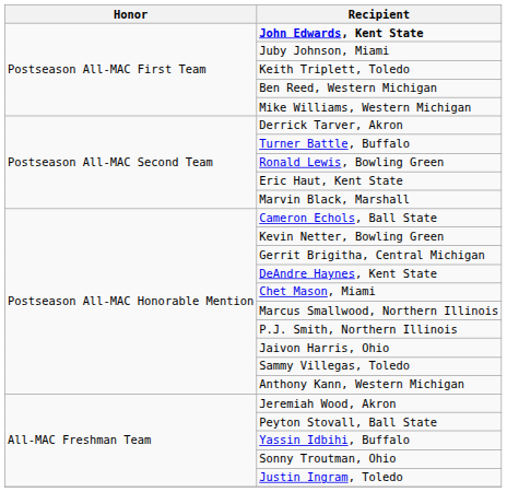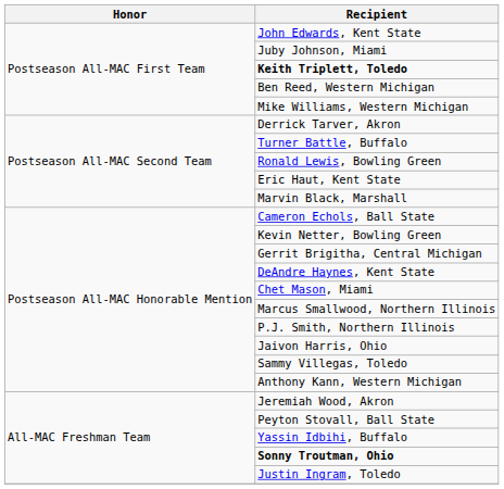 <table class="wikitable" border="1">
 <tr>
 <th>Honor</th>
 <th>Recipient</th>
 </tr>
 <tr>
 <td rowspan=5 valign=middle>Postseason All-MAC First Team</td>
-<td><strong><a href='#'>John Edwards</a>, Kent State</strong></td>
+<td><a href='#'>John Edwards</a>, Kent State</td>
 </tr>
 <tr>
 <td>Juby Johnson, Miami</td>
 </tr>
 <tr>
-<td>Keith Triplett, Toledo</td>
+<td><strong>Keith Triplett, Toledo</strong></td>
 </tr>
 <tr>
 <td>Ben Reed, Western Michigan</td>
 </tr>
 <tr>
 <td>Mike Williams, Western Michigan</td>
 </tr>
 <tr>
 <td rowspan=5 valign=middle>Postseason All-MAC Second Team</td>
 <td>Derrick Tarver, Akron</td>
 </tr>
 <tr>
 <td><a href='#'>Turner Battle</a>, Buffalo</td>
 </tr>
 <tr>
 <td><a href='#'>Ronald Lewis</a>, Bowling Green</td>
 </tr>
 <tr>
 <td>Eric Haut, Kent State</td>
 </tr>
 <tr>
 <td>Marvin Black, Marshall</td>
 </tr>
 <tr>
 <td rowspan=10 valign=middle>Postseason All-MAC Honorable Mention</td>
 <td><a href='#'>Cameron Echols</a>, Ball State</td>
 </tr>
 <tr>
 <td>Kevin Netter, Bowling Green</td>
 </tr>
 <tr>
 <td>Gerrit Brigitha, Central Michigan</td>
 </tr>
 <tr>
 <td><a href='#'>DeAndre Haynes</a>, Kent State</td>
 </tr>
 <tr>
 <td><a href='#'>Chet Mason</a>, Miami</td>
 </tr>
 <tr>
 <td>Marcus Smallwood, Northern Illinois</td>
 </tr>
 <tr>
 <td>P.J. Smith, Northern Illinois</td>
 </tr>
 <tr>
 <td>Jaivon Harris, Ohio</td>
 </tr>
 <tr>
 <td>Sammy Villegas, Toledo</td>
 </tr>
 <tr>
 <td>Anthony Kann, Western Michigan</td>
 </tr>
 <tr>
 <td rowspan=5 valign=middle>All-MAC Freshman Team</td>
 <td>Jeremiah Wood, Akron</td>
 </tr>
 <tr>
 <td>Peyton Stovall, Ball State</td>
 </tr>
 <tr>
 <td><a href='#'>Yassin Idbihi</a>, Buffalo</td>
 </tr>
 <tr>
-<td>Sonny Troutman, Ohio</td>
+<td><strong>Sonny Troutman, Ohio</strong></td>
 </tr>
 <tr>
 <td><a href='#'>Justin Ingram</a>, Toledo</td>
 </tr>
 <tr>
 </tr>
 </table>
